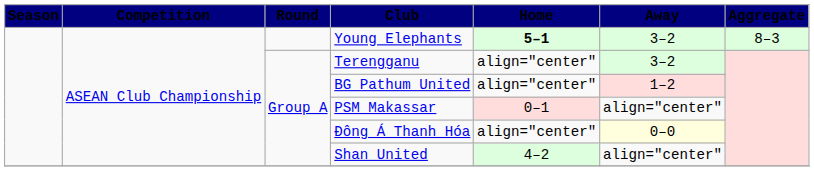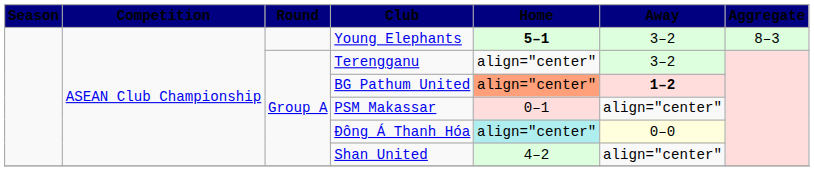 <table class="wikitable">
 <tr>
 <th style="background:Navy"><span> Season</span></th>
 <th style="background:Navy"><span> Competition</span></th>
 <th style="background:Navy"><span> Round</span></th>
 <th style="background:Navy"><span> Club</span></th>
 <th style="background:Navy"><span> Home</span></th>
 <th style="background:Navy"><span> Away</span></th>
 <th style="background:Navy"><span> Aggregate</span></th>
 </tr>
 <tr>
 <td rowspan="6"></td>
 <td rowspan="6"><a href='#'>ASEAN Club Championship</a></td>
 <td></td>
 <td> <a href='#'>Young Elephants</a></td>
 <td style="background:#ddffdd; text-align:center;"><strong>5–1</strong></td>
 <td style="background:#ddffdd;text-align:center;">3–2</td>
 <td style="background:#ddffdd; text-align:center;">8–3</td>
 </tr>
 <tr>
 <td rowspan="5"><a href='#'>Group A</a></td>
 <td> <a href='#'>Terengganu</a></td>
 <td>align="center" </td>
 <td style="text-align:center; background:#dfd;">3–2</td>
 <td rowspan="5" style="background:#fdd;" align="center"></td>
 </tr>
 <tr>
 <td> <a href='#'>BG Pathum United</a></td>
-<td>align="center" </td>
-<td style="text-align:center; background:#fdd;">1–2</td>
+<td style="background: lightsalmon;">align="center" </td>
+<td style="text-align:center; background:#fdd;"><strong>1–2</strong></td>
 </tr>
 <tr>
 <td> <a href='#'>PSM Makassar</a></td>
 <td style="text-align:center; background:#fdd;">0–1</td>
 <td>align="center" </td>
 </tr>
 <tr>
 <td> <a href='#'>Đông Á Thanh Hóa</a></td>
-<td>align="center" </td>
+<td style="background: paleturquoise;">align="center" </td>
 <td style="text-align:center; background:#ffd;">0–0</td>
 </tr>
 <tr>
 <td> <a href='#'>Shan United</a></td>
 <td style="text-align:center; background:#dfd;">4–2</td>
 <td>align="center" </td>
 </tr>
 <tr>
 </tr>
 </table>
